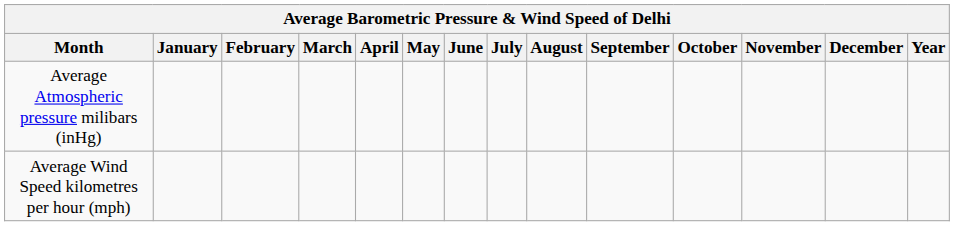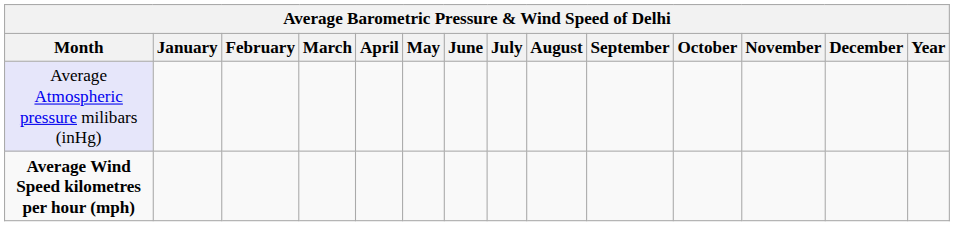 <table class="wikitable "style="width:100%;text-align:center;line-height:1.2em;margin-left:auto;margin-right:auto">
 <tr>
 <th colspan="14">Average Barometric Pressure & Wind Speed of Delhi</th>
 </tr>
 <tr>
 <th>Month</th>
 <th>January</th>
 <th>February</th>
 <th>March</th>
 <th>April</th>
 <th>May</th>
 <th>June</th>
 <th>July</th>
 <th>August</th>
 <th>September</th>
 <th>October</th>
 <th>November</th>
 <th>December</th>
 <th>Year</th>
 </tr>
 <tr>
-<td>Average <a href='#'>Atmospheric pressure</a> milibars (inHg)</td>
+<td style="background: lavender;">Average <a href='#'>Atmospheric pressure</a> milibars (inHg)</td>
 <td></td>
 <td></td>
 <td></td>
 <td></td>
 <td></td>
 <td></td>
 <td></td>
 <td></td>
 <td></td>
 <td></td>
 <td></td>
 <td></td>
 <td></td>
 </tr>
 <tr>
-<td>Average Wind Speed kilometres per hour (mph)</td>
+<td><strong>Average Wind Speed kilometres per hour (mph)</strong></td>
 <td></td>
 <td></td>
 <td></td>
 <td></td>
 <td></td>
 <td></td>
 <td></td>
 <td></td>
 <td></td>
 <td></td>
 <td></td>
 <td></td>
 <td></td>
 </tr>
 </table>
